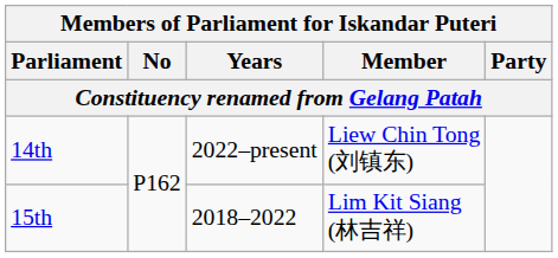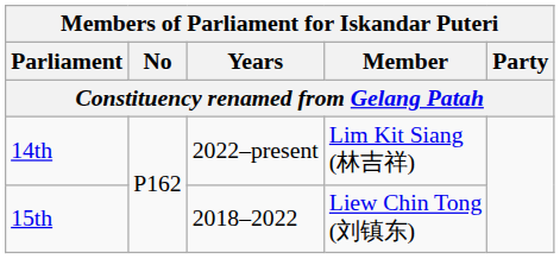 <table class=wikitable>
 <tr>
 <th colspan="5">Members of Parliament for Iskandar Puteri</th>
 </tr>
 <tr>
 <th>Parliament</th>
 <th>No</th>
 <th>Years</th>
 <th>Member</th>
 <th>Party</th>
 </tr>
 <tr>
 <th colspan="5" align="center"><em>Constituency renamed from <a href='#'>Gelang Patah</a></em></th>
 </tr>
 <tr>
 <td><a href='#'>14th</a></td>
 <td rowspan="2">P162</td>
 <td>2022–present</td>
-<td><a href='#'>Liew Chin Tong</a> <br> (刘镇东)</td>
+<td><a href='#'>Lim Kit Siang</a> <br> (林吉祥)</td>
 <td rowspan="2"></td>
 </tr>
 <tr>
 <td><a href='#'>15th</a></td>
 <td>2018–2022</td>
-<td><a href='#'>Lim Kit Siang</a> <br> (林吉祥)</td>
+<td><a href='#'>Liew Chin Tong</a> <br> (刘镇东)</td>
 </tr>
 </table>
